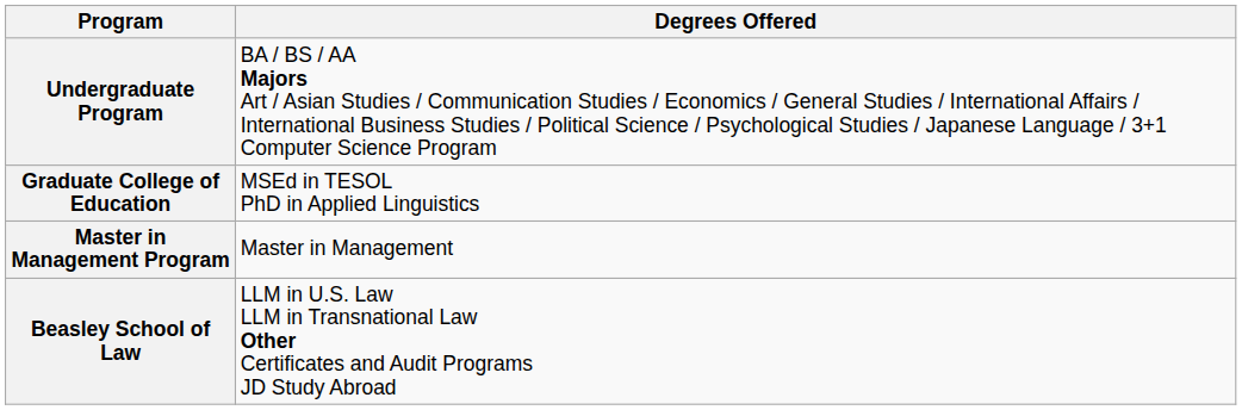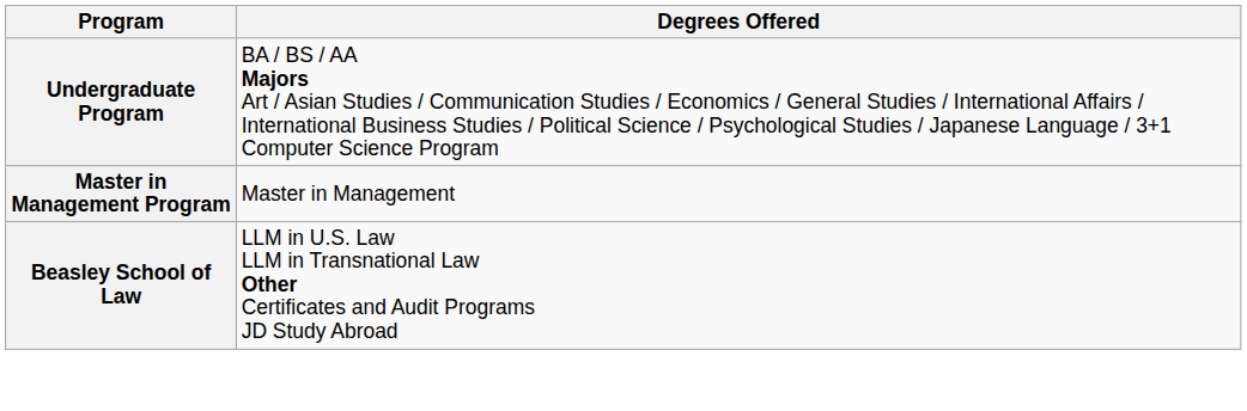 <table class="wikitable" style="width: 75%">
 <tr>
 <th>Program</th>
 <th>Degrees Offered</th>
 </tr>
 <tr>
 <th>Undergraduate Program</th>
 <td>BA / BS / AA<br><strong>Majors</strong><br>Art / Asian Studies / Communication Studies / Economics / General Studies / International Affairs / International Business Studies / Political Science / Psychological Studies / Japanese Language / 3+1 Computer Science Program</td>
 </tr>
 <tr>
-<th>Graduate College of Education</th>
-<td>MSEd in TESOL<br>PhD in Applied Linguistics</td>
-</tr>
-<tr>
 <th>Master in Management Program</th>
 <td>Master in Management</td>
 </tr>
 <tr>
 <th>Beasley School of Law</th>
 <td>LLM in U.S. Law<br>LLM in Transnational Law<br> <strong>Other</strong><br>Certificates and Audit Programs<br>JD Study Abroad</td>
 </tr>
 </table>
